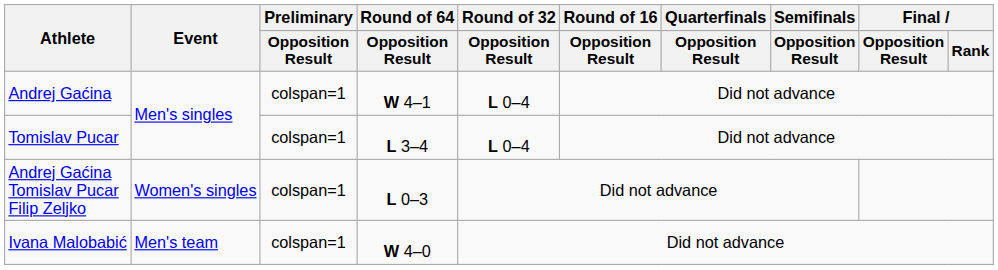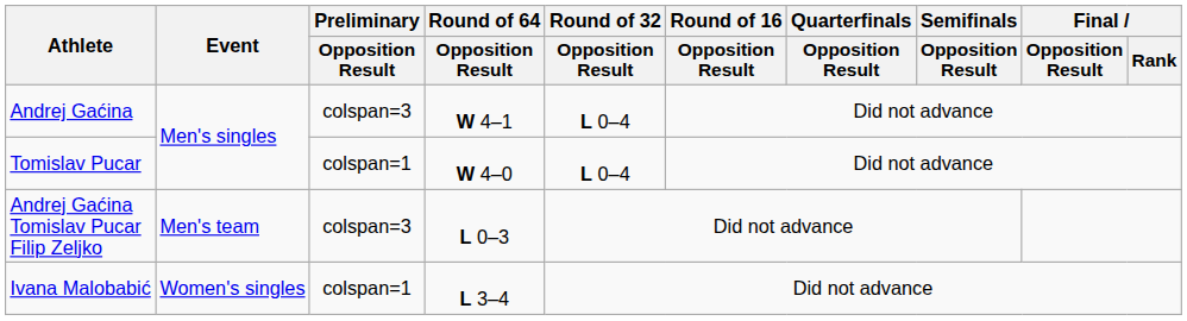 <table class=wikitable style=font-size:90%;text-align:center>
 <tr>
 <th rowspan=2>Athlete</th>
 <th rowspan=2>Event</th>
 <th>Preliminary</th>
 <th>Round of 64</th>
 <th>Round of 32</th>
 <th>Round of 16</th>
 <th>Quarterfinals</th>
 <th>Semifinals</th>
 <th colspan=2>Final / </th>
 </tr>
 <tr style=font-size:95%>
 <th>Opposition<br>Result</th>
 <th>Opposition<br>Result</th>
 <th>Opposition<br>Result</th>
 <th>Opposition<br>Result</th>
 <th>Opposition<br>Result</th>
 <th>Opposition<br>Result</th>
 <th>Opposition<br>Result</th>
 <th>Rank</th>
 </tr>
 <tr>
 <td align=left><a href='#'>Andrej Gaćina</a></td>
 <td align=left rowspan=2><a href='#'>Men's singles</a></td>
-<td>colspan=1 </td>
+<td>colspan=3 </td>
 <td><br><strong>W</strong> 4–1</td>
 <td><br><strong>L</strong> 0–4</td>
 <td colspan="5">Did not advance</td>
 </tr>
 <tr align=center>
 <td align=left><a href='#'>Tomislav Pucar</a></td>
 <td>colspan=1 </td>
-<td><br><strong>L</strong> 3–4</td>
+<td><br><strong>W</strong> 4–0</td>
 <td><br><strong>L</strong> 0–4</td>
 <td colspan="5">Did not advance</td>
 </tr>
 <tr>
 <td align=left><a href='#'>Andrej Gaćina</a><br><a href='#'>Tomislav Pucar</a><br><a href='#'>Filip Zeljko</a></td>
-<td align=left><a href='#'>Women's singles</a></td>
-<td>colspan=1 </td>
+<td align=left><a href='#'>Men's team</a></td>
+<td>colspan=3 </td>
 <td><br><strong>L</strong> 0–3</td>
 <td colspan="4">Did not advance</td>
 </tr>
 <tr>
 <td align=left><a href='#'>Ivana Malobabić</a></td>
-<td align=left><a href='#'>Men's team</a></td>
+<td align=left><a href='#'>Women's singles</a></td>
 <td>colspan=1 </td>
-<td><br><strong>W</strong> 4–0</td>
+<td><br><strong>L</strong> 3–4</td>
 <td colspan="6">Did not advance</td>
 </tr>
 </table>
